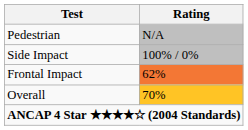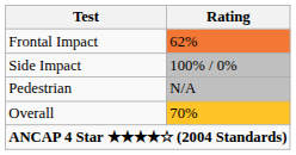 <table class="wikitable">
 <tr>
 <th>Test</th>
 <th>Rating</th>
 </tr>
 <tr>
-<td>Pedestrian</td>
-<td style="background: #bfbfbf">N/A</td>
+<td>Frontal Impact</td>
+<td style="background: #f37735">62%</td>
 </tr>
 <tr>
 <td>Side Impact</td>
 <td style="background: #bfbfbf">100% / 0%</td>
 </tr>
 <tr>
-<td>Frontal Impact</td>
-<td style="background: #f37735">62%</td>
+<td>Pedestrian</td>
+<td style="background: #bfbfbf">N/A</td>
 </tr>
 <tr>
 <td>Overall</td>
 <td style="background: #ffc425">70%</td>
 </tr>
 <tr>
 <td colspan="2"><strong>ANCAP 4 Star ★★★★☆ (2004 Standards)</strong></td>
 </tr>
 </table>
